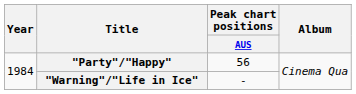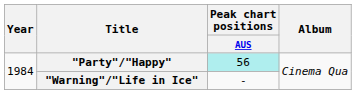 <table class="wikitable plainrowheaders" style="text-align:center;" border="1">
 <tr>
 <th scope="col" rowspan="2">Year</th>
 <th scope="col" rowspan="2" style="width:15em;">Title</th>
 <th scope="col" colspan="1">Peak chart<br>positions</th>
 <th scope="col" rowspan="2">Album</th>
 </tr>
 <tr>
 <th scope="col" style="text-align:center;"><small><a href='#'>AUS</a></small><br></th>
 </tr>
 <tr>
 <td rowspan="2">1984</td>
 <th scope="row">"Party"/"Happy"</th>
-<td style="text-align:center;">56</td>
+<td style="background: paleturquoise; text-align:center;">56</td>
 <td rowspan="2"><em>Cinema Qua</em></td>
 </tr>
 <tr>
 <th scope="row">"Warning"/"Life in Ice"</th>
 <td style="text-align:center;">-</td>
 </tr>
 </table>
